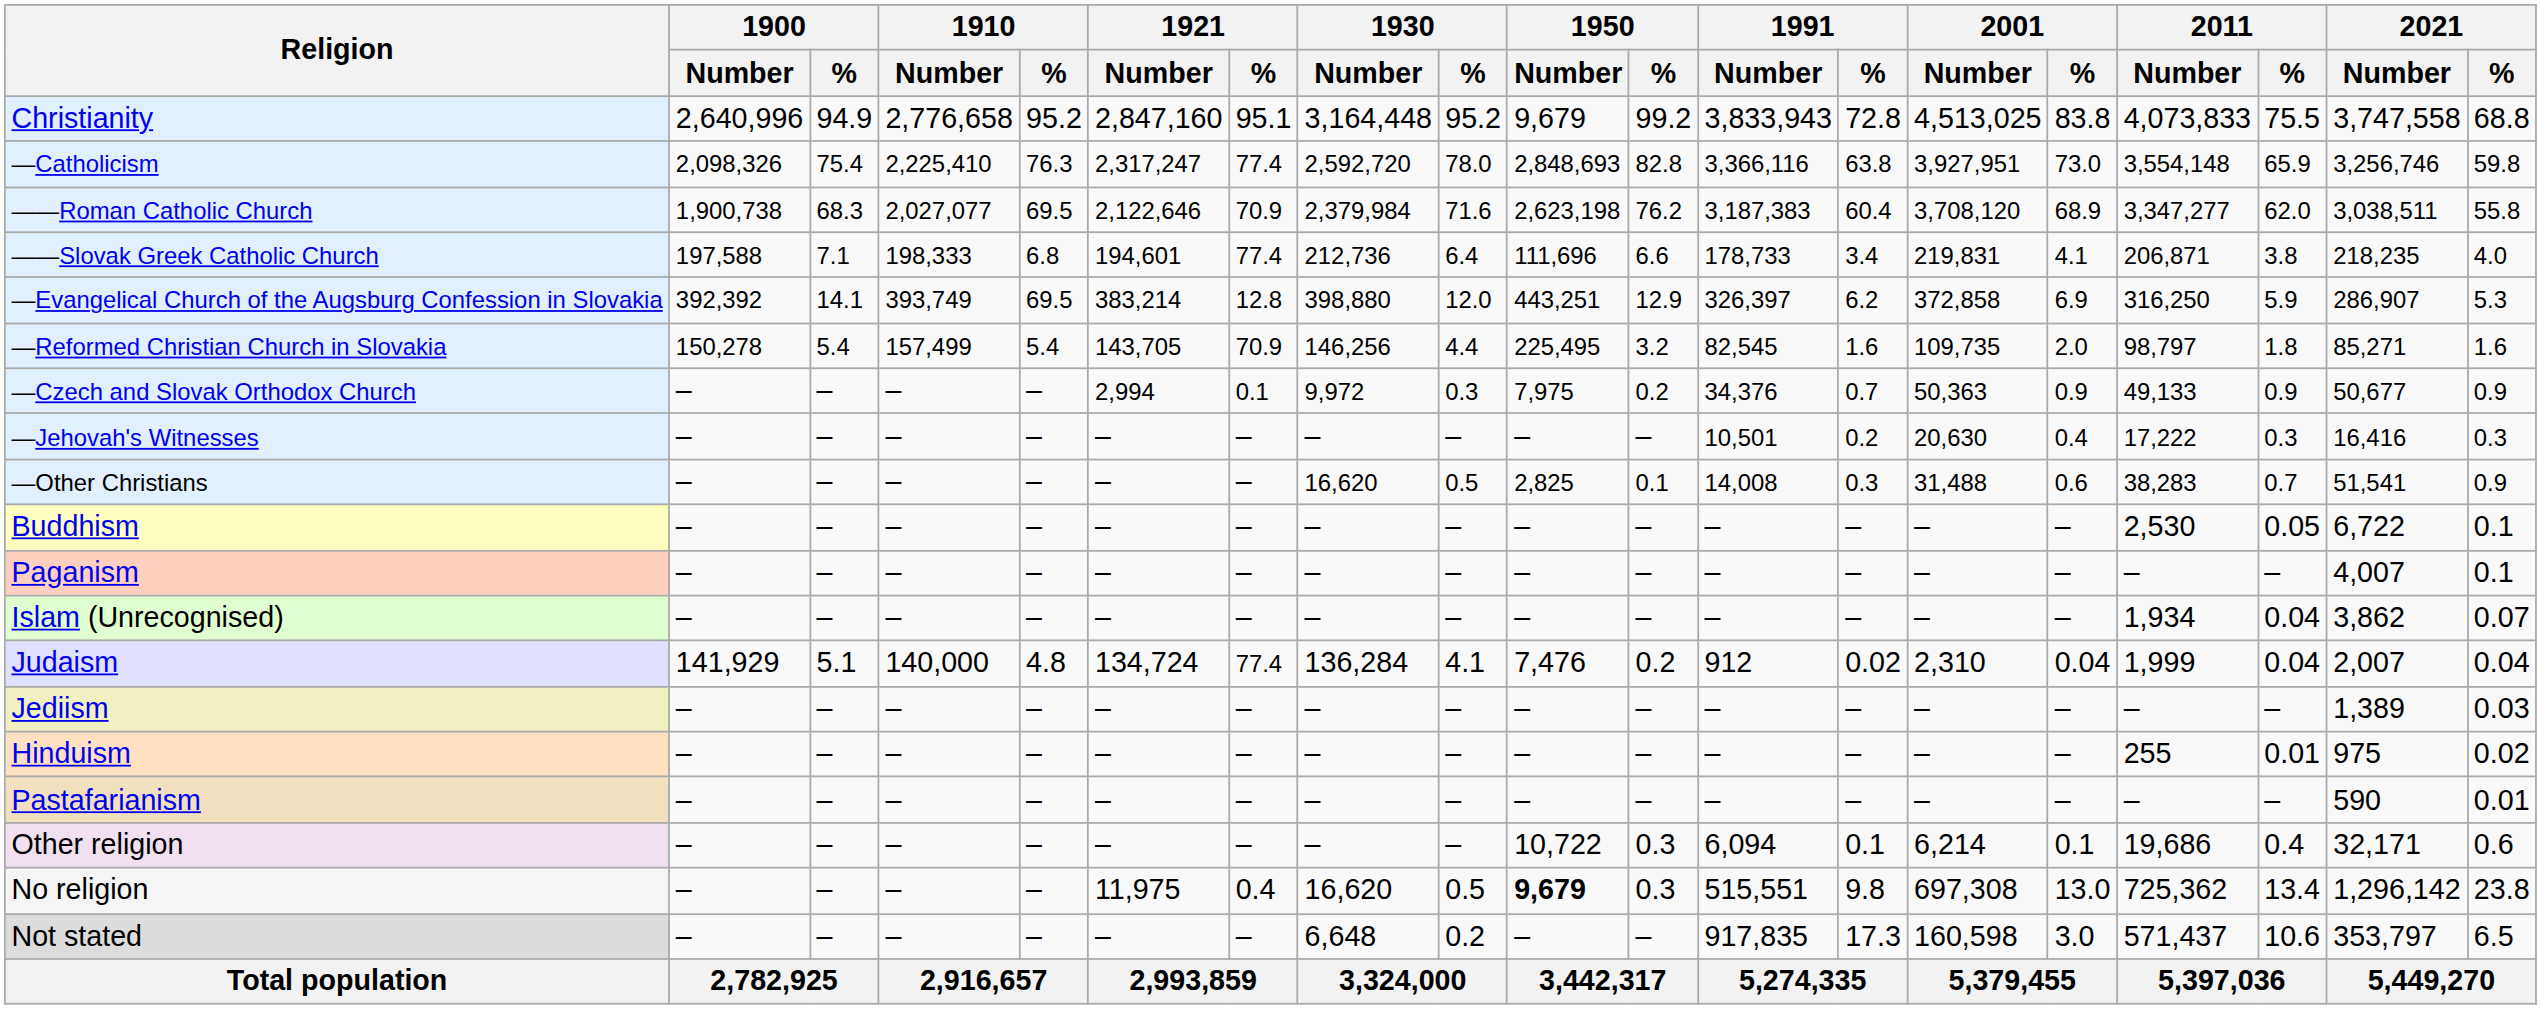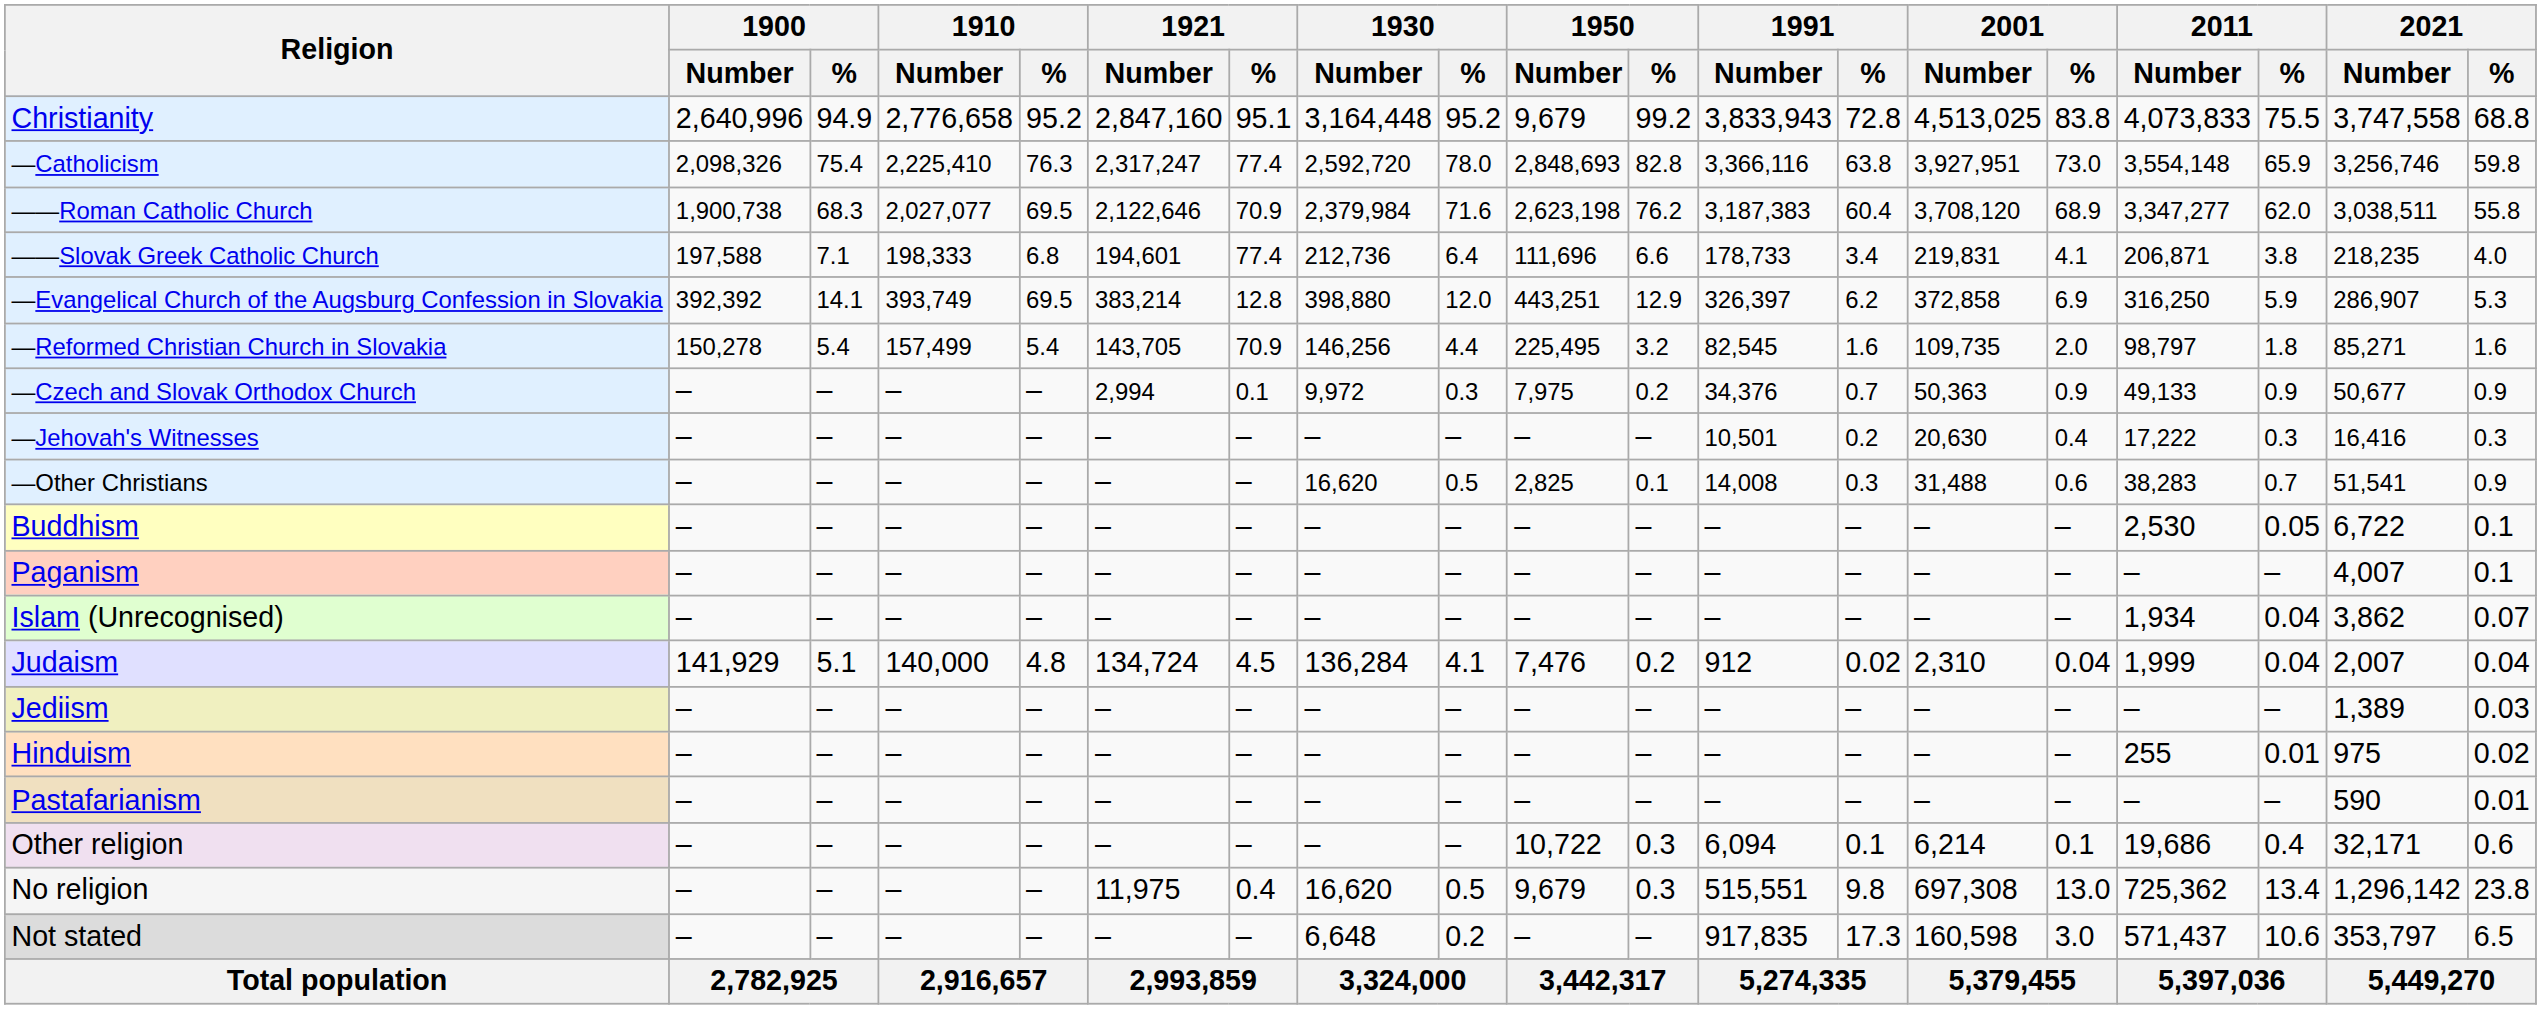 <table class="wikitable">
 <tr>
 <th rowspan="2">Religion</th>
 <th style="text-align:center;" colspan="2">1900</th>
 <th style="text-align:center;" colspan="2">1910</th>
 <th style="text-align:center;" colspan="2">1921</th>
 <th style="text-align:center;" colspan="2">1930</th>
 <th style="text-align:center;" colspan="2">1950</th>
 <th style="text-align:center;" colspan="2">1991</th>
 <th style="text-align:center;" colspan="2">2001</th>
 <th style="text-align:center;" colspan="2">2011</th>
 <th style="text-align:center;" colspan="2">2021</th>
 </tr>
 <tr>
 <th>Number</th>
 <th>%</th>
 <th>Number</th>
 <th>%</th>
 <th>Number</th>
 <th>%</th>
 <th>Number</th>
 <th>%</th>
 <th>Number</th>
 <th>%</th>
 <th>Number</th>
 <th>%</th>
 <th>Number</th>
 <th>%</th>
 <th>Number</th>
 <th>%</th>
 <th>Number</th>
 <th>%</th>
 </tr>
 <tr>
 <td style="background:#E0F0FF;"><a href='#'>Christianity</a></td>
 <td>2,640,996</td>
 <td>94.9</td>
 <td>2,776,658</td>
 <td>95.2</td>
 <td>2,847,160</td>
 <td>95.1</td>
 <td>3,164,448</td>
 <td>95.2</td>
 <td>9,679</td>
 <td>99.2</td>
 <td>3,833,943</td>
 <td>72.8</td>
 <td>4,513,025</td>
 <td>83.8</td>
 <td>4,073,833</td>
 <td>75.5</td>
 <td>3,747,558</td>
 <td>68.8</td>
 </tr>
 <tr>
 <td style="background:#E0F0FF;"><small>—<a href='#'>Catholicism</a></small></td>
 <td><small>2,098,326</small></td>
 <td><small>75.4</small></td>
 <td><small>2,225,410</small></td>
 <td><small>76.3</small></td>
 <td><small>2,317,247</small></td>
 <td><small>77.4</small></td>
 <td><small>2,592,720</small></td>
 <td><small>78.0</small></td>
 <td><small>2,848,693</small></td>
 <td><small>82.8</small></td>
 <td><small>3,366,116</small></td>
 <td><small>63.8</small></td>
 <td><small>3,927,951</small></td>
 <td><small>73.0</small></td>
 <td><small>3,554,148</small></td>
 <td><small>65.9</small></td>
 <td><small>3,256,746</small></td>
 <td><small>59.8</small></td>
 </tr>
 <tr>
 <td style="background:#E0F0FF;"><small>——<a href='#'>Roman Catholic Church</a></small></td>
 <td><small>1,900,738</small></td>
 <td><small>68.3</small></td>
 <td><small>2,027,077</small></td>
 <td><small>69.5</small></td>
 <td><small>2,122,646</small></td>
 <td><small>70.9</small></td>
 <td><small>2,379,984</small></td>
 <td><small>71.6</small></td>
 <td><small>2,623,198</small></td>
 <td><small>76.2</small></td>
 <td><small>3,187,383</small></td>
 <td><small>60.4</small></td>
 <td><small>3,708,120</small></td>
 <td><small>68.9</small></td>
 <td><small>3,347,277</small></td>
 <td><small>62.0</small></td>
 <td><small>3,038,511</small></td>
 <td><small>55.8</small></td>
 </tr>
 <tr>
 <td style="background:#E0F0FF;"><small>——<a href='#'>Slovak Greek Catholic Church</a></small></td>
 <td><small>197,588</small></td>
 <td><small>7.1</small></td>
 <td><small>198,333</small></td>
 <td><small>6.8</small></td>
 <td><small>194,601</small></td>
 <td><small>77.4</small></td>
 <td><small>212,736</small></td>
 <td><small>6.4</small></td>
 <td><small>111,696</small></td>
 <td><small>6.6</small></td>
 <td><small>178,733</small></td>
 <td><small>3.4</small></td>
 <td><small>219,831</small></td>
 <td><small>4.1</small></td>
 <td><small>206,871</small></td>
 <td><small>3.8</small></td>
 <td><small>218,235</small></td>
 <td><small>4.0</small></td>
 </tr>
 <tr>
 <td style="background:#E0F0FF;"><small>—<a href='#'>Evangelical Church of the Augsburg Confession in Slovakia</a></small></td>
 <td><small>392,392</small></td>
 <td><small>14.1</small></td>
 <td><small>393,749</small></td>
 <td><small>69.5</small></td>
 <td><small>383,214</small></td>
 <td><small>12.8</small></td>
 <td><small>398,880</small></td>
 <td><small>12.0</small></td>
 <td><small>443,251</small></td>
 <td><small>12.9</small></td>
 <td><small>326,397</small></td>
 <td><small>6.2</small></td>
 <td><small>372,858</small></td>
 <td><small>6.9</small></td>
 <td><small>316,250</small></td>
 <td><small>5.9</small></td>
 <td><small>286,907</small></td>
 <td><small>5.3</small></td>
 </tr>
 <tr>
 <td style="background:#E0F0FF;"><small>—<a href='#'>Reformed Christian Church in Slovakia</a></small></td>
 <td><small>150,278</small></td>
 <td><small>5.4</small></td>
 <td><small>157,499</small></td>
 <td><small>5.4</small></td>
 <td><small>143,705</small></td>
 <td><small>70.9</small></td>
 <td><small>146,256</small></td>
 <td><small>4.4</small></td>
 <td><small>225,495</small></td>
 <td><small>3.2</small></td>
 <td><small>82,545</small></td>
 <td><small>1.6</small></td>
 <td><small>109,735</small></td>
 <td><small>2.0</small></td>
 <td><small>98,797</small></td>
 <td><small>1.8</small></td>
 <td><small>85,271</small></td>
 <td><small>1.6</small></td>
 </tr>
 <tr>
 <td style="background:#E0F0FF;"><small>—<a href='#'>Czech and Slovak Orthodox Church</a></small></td>
 <td>–</td>
 <td>–</td>
 <td>–</td>
 <td>–</td>
 <td><small>2,994</small></td>
 <td><small>0.1</small></td>
 <td><small>9,972</small></td>
 <td><small>0.3</small></td>
 <td><small>7,975</small></td>
 <td><small>0.2</small></td>
 <td><small>34,376</small></td>
 <td><small>0.7</small></td>
 <td><small>50,363</small></td>
 <td><small>0.9</small></td>
 <td><small>49,133</small></td>
 <td><small>0.9</small></td>
 <td><small>50,677</small></td>
 <td><small>0.9</small></td>
 </tr>
 <tr>
 <td style="background:#E0F0FF;"><small>—<a href='#'>Jehovah's Witnesses</a></small></td>
 <td>–</td>
 <td>–</td>
 <td>–</td>
 <td>–</td>
 <td>–</td>
 <td>–</td>
 <td>–</td>
 <td>–</td>
 <td>–</td>
 <td>–</td>
 <td><small>10,501</small></td>
 <td><small>0.2</small></td>
 <td><small>20,630</small></td>
 <td><small>0.4</small></td>
 <td><small>17,222</small></td>
 <td><small>0.3</small></td>
 <td><small>16,416</small></td>
 <td><small>0.3</small></td>
 </tr>
 <tr>
 <td style="background:#E0F0FF;"><small>—Other Christians</small></td>
 <td>–</td>
 <td>–</td>
 <td>–</td>
 <td>–</td>
 <td>–</td>
 <td>–</td>
 <td><small>16,620</small></td>
 <td><small>0.5</small></td>
 <td><small>2,825</small></td>
 <td><small>0.1</small></td>
 <td><small>14,008</small></td>
 <td><small>0.3</small></td>
 <td><small>31,488</small></td>
 <td><small>0.6</small></td>
 <td><small>38,283</small></td>
 <td><small>0.7</small></td>
 <td><small>51,541</small></td>
 <td><small>0.9</small></td>
 </tr>
 <tr>
 <td style="background:#FFFFC0;"><a href='#'>Buddhism</a></td>
 <td>–</td>
 <td>–</td>
 <td>–</td>
 <td>–</td>
 <td>–</td>
 <td>–</td>
 <td>–</td>
 <td>–</td>
 <td>–</td>
 <td>–</td>
 <td>–</td>
 <td>–</td>
 <td>–</td>
 <td>–</td>
 <td>2,530</td>
 <td>0.05</td>
 <td>6,722</td>
 <td>0.1</td>
 </tr>
 <tr>
 <td style="background:#FFD0C0;"><a href='#'>Paganism</a></td>
 <td>–</td>
 <td>–</td>
 <td>–</td>
 <td>–</td>
 <td>–</td>
 <td>–</td>
 <td>–</td>
 <td>–</td>
 <td>–</td>
 <td>–</td>
 <td>–</td>
 <td>–</td>
 <td>–</td>
 <td>–</td>
 <td>–</td>
 <td>–</td>
 <td>4,007</td>
 <td>0.1</td>
 </tr>
 <tr>
 <td style="background:#E0FFD0;"><a href='#'>Islam</a> (Unrecognised)</td>
 <td>–</td>
 <td>–</td>
 <td>–</td>
 <td>–</td>
 <td>–</td>
 <td>–</td>
 <td>–</td>
 <td>–</td>
 <td>–</td>
 <td>–</td>
 <td>–</td>
 <td>–</td>
 <td>–</td>
 <td>–</td>
 <td>1,934</td>
 <td>0.04</td>
 <td>3,862</td>
 <td>0.07</td>
 </tr>
 <tr>
 <td style="background:#E0E0FF;"><a href='#'>Judaism</a></td>
 <td>141,929</td>
 <td>5.1</td>
 <td>140,000</td>
 <td>4.8</td>
 <td>134,724</td>
-<td><small>77.4</small></td>
+<td>4.5</td>
 <td>136,284</td>
 <td>4.1</td>
 <td>7,476</td>
 <td>0.2</td>
 <td>912</td>
 <td>0.02</td>
 <td>2,310</td>
 <td>0.04</td>
 <td>1,999</td>
 <td>0.04</td>
 <td>2,007</td>
 <td>0.04</td>
 </tr>
 <tr>
 <td style="background:#F0F0C0;"><a href='#'>Jediism</a></td>
 <td>–</td>
 <td>–</td>
 <td>–</td>
 <td>–</td>
 <td>–</td>
 <td>–</td>
 <td>–</td>
 <td>–</td>
 <td>–</td>
 <td>–</td>
 <td>–</td>
 <td>–</td>
 <td>–</td>
 <td>–</td>
 <td>–</td>
 <td>–</td>
 <td>1,389</td>
 <td>0.03</td>
 </tr>
 <tr>
 <td style="background:#FFE0C0;"><a href='#'>Hinduism</a></td>
 <td>–</td>
 <td>–</td>
 <td>–</td>
 <td>–</td>
 <td>–</td>
 <td>–</td>
 <td>–</td>
 <td>–</td>
 <td>–</td>
 <td>–</td>
 <td>–</td>
 <td>–</td>
 <td>–</td>
 <td>–</td>
 <td>255</td>
 <td>0.01</td>
 <td>975</td>
 <td>0.02</td>
 </tr>
 <tr>
 <td style="background:#F0E0C0;"><a href='#'>Pastafarianism</a></td>
 <td>–</td>
 <td>–</td>
 <td>–</td>
 <td>–</td>
 <td>–</td>
 <td>–</td>
 <td>–</td>
 <td>–</td>
 <td>–</td>
 <td>–</td>
 <td>–</td>
 <td>–</td>
 <td>–</td>
 <td>–</td>
 <td>–</td>
 <td>–</td>
 <td>590</td>
 <td>0.01</td>
 </tr>
 <tr>
 <td style="background:#F0E0F0;">Other religion</td>
 <td>–</td>
 <td>–</td>
 <td>–</td>
 <td>–</td>
 <td>–</td>
 <td>–</td>
 <td>–</td>
 <td>–</td>
 <td>10,722</td>
 <td>0.3</td>
 <td>6,094</td>
 <td>0.1</td>
 <td>6,214</td>
 <td>0.1</td>
 <td>19,686</td>
 <td>0.4</td>
 <td>32,171</td>
 <td>0.6</td>
 </tr>
 <tr>
 <td style="background:#F5F5F5;">No religion</td>
 <td>–</td>
 <td>–</td>
 <td>–</td>
 <td>–</td>
 <td>11,975</td>
 <td>0.4</td>
 <td>16,620</td>
 <td>0.5</td>
-<td><strong>9,679</strong></td>
+<td>9,679</td>
 <td>0.3</td>
 <td>515,551</td>
 <td>9.8</td>
 <td>697,308</td>
 <td>13.0</td>
 <td>725,362</td>
 <td>13.4</td>
 <td>1,296,142</td>
 <td>23.8</td>
 </tr>
 <tr>
 <td style="background:#DCDCDC;">Not stated</td>
 <td>–</td>
 <td>–</td>
 <td>–</td>
 <td>–</td>
 <td>–</td>
 <td>–</td>
 <td>6,648</td>
 <td>0.2</td>
 <td>–</td>
 <td>–</td>
 <td>917,835</td>
 <td>17.3</td>
 <td>160,598</td>
 <td>3.0</td>
 <td>571,437</td>
 <td>10.6</td>
 <td>353,797</td>
 <td>6.5</td>
 </tr>
 <tr>
 <th>Total population</th>
 <th colspan="2">2,782,925</th>
 <th colspan="2">2,916,657</th>
 <th colspan="2">2,993,859</th>
 <th colspan="2">3,324,000</th>
 <th colspan="2">3,442,317</th>
 <th colspan="2">5,274,335</th>
 <th colspan="2">5,379,455</th>
 <th colspan="2">5,397,036</th>
 <th colspan="2">5,449,270</th>
 </tr>
 </table>
